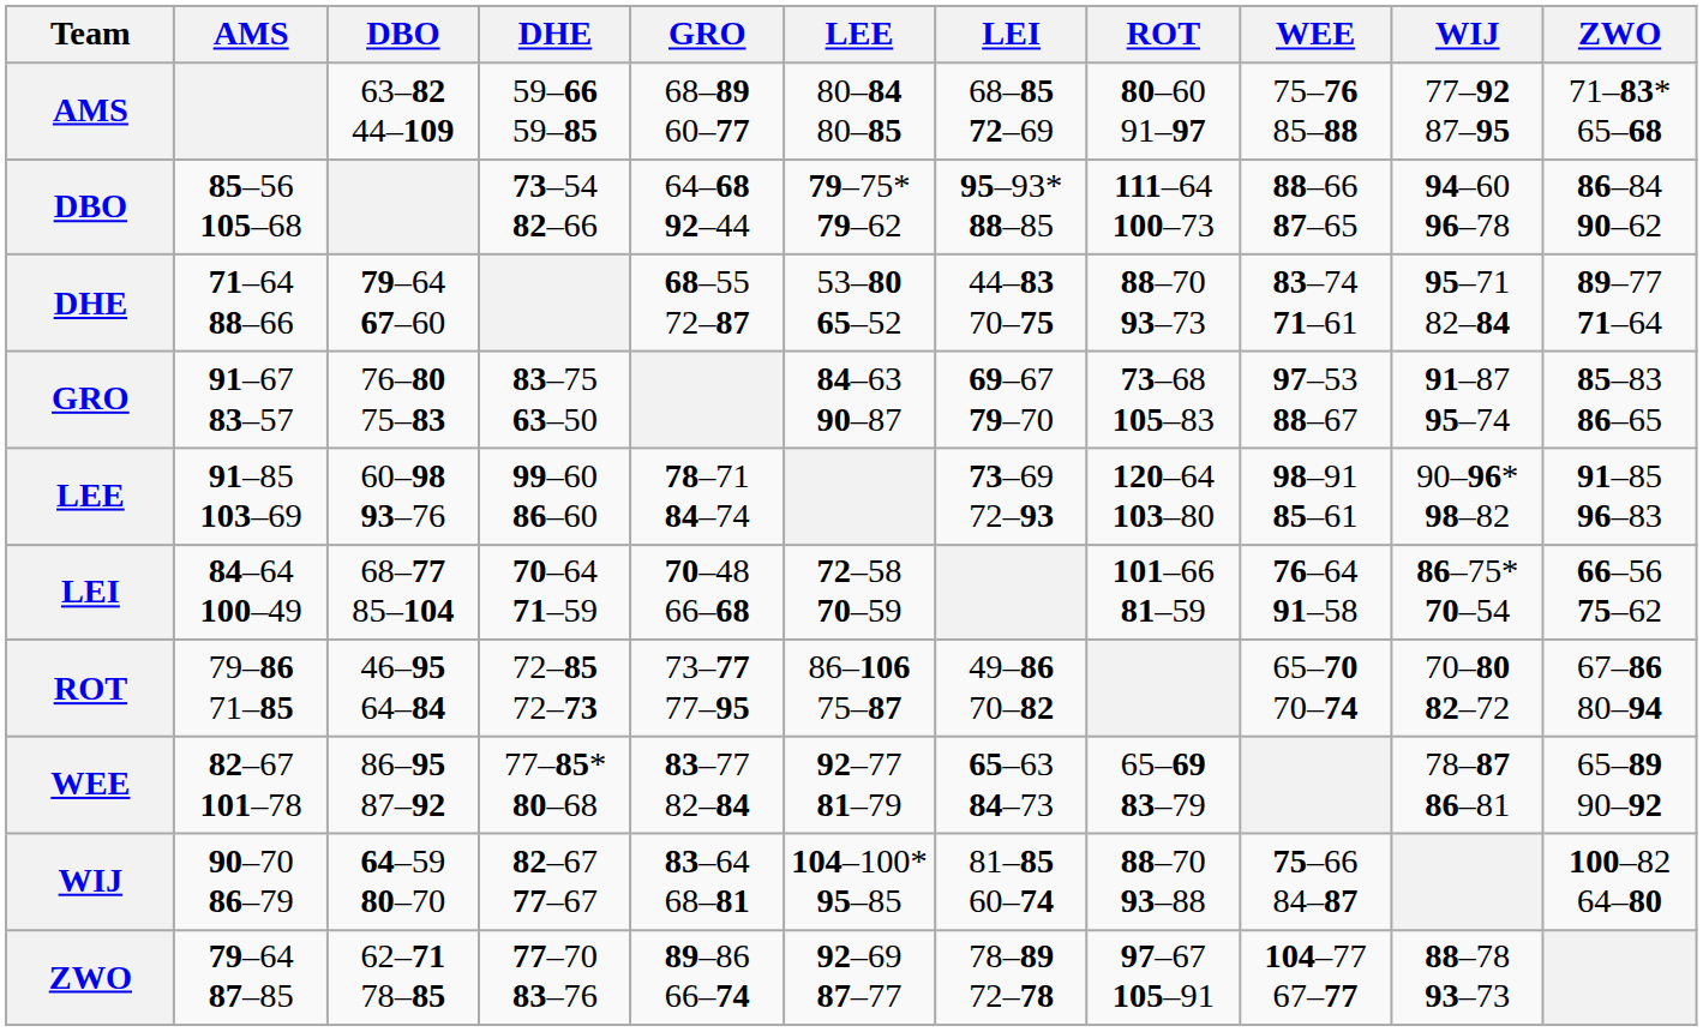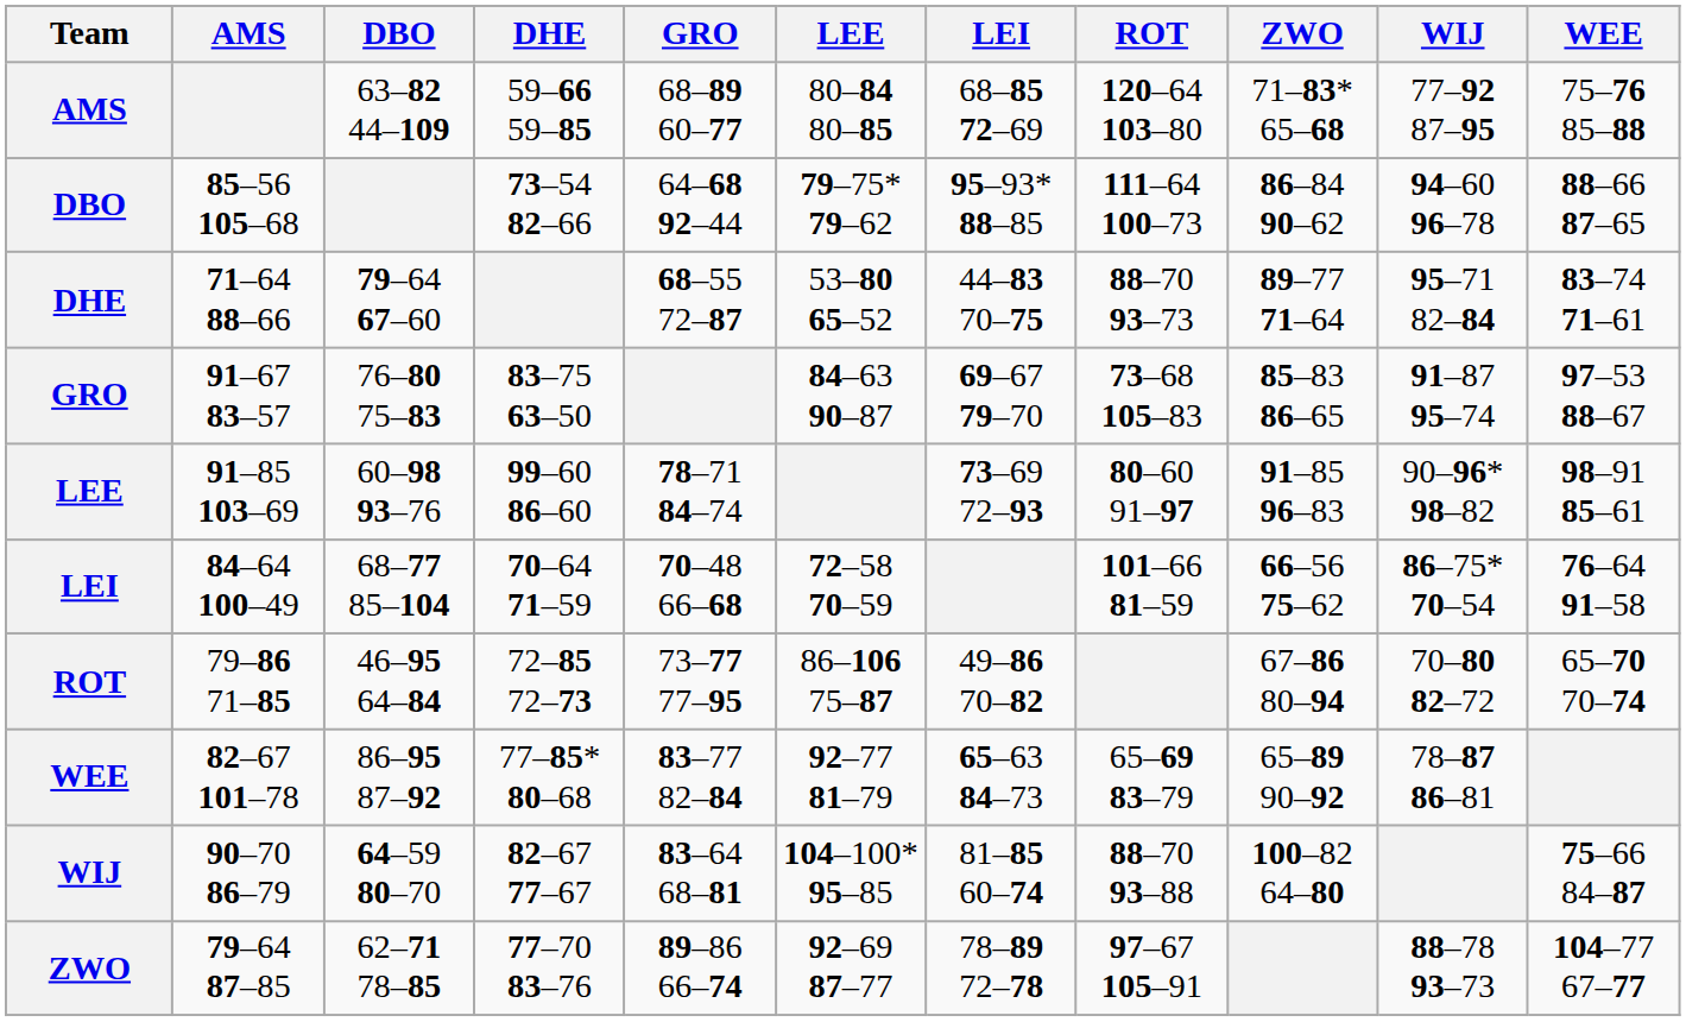 <table class="wikitable" style=" text-align:center; font-size:90%;">
 <tr>
 <th width=10%>Team</th>
 <th width=9%><a href='#'>AMS</a></th>
 <th width=9%><a href='#'>DBO</a></th>
 <th width=9%><a href='#'>DHE</a></th>
 <th width=9%><a href='#'>GRO</a></th>
 <th width=9%><a href='#'>LEE</a></th>
 <th width=9%><a href='#'>LEI</a></th>
 <th width=9%><a href='#'>ROT</a></th>
+<th width=9%><a href='#'>ZWO</a></th>
+<th width=9%><a href='#'>WIJ</a></th>
 <th width=9%><a href='#'>WEE</a></th>
-<th width=9%><a href='#'>WIJ</a></th>
-<th width=9%><a href='#'>ZWO</a></th>
 </tr>
 <tr>
 <th><a href='#'>AMS</a></th>
 <th></th>
 <td>63–<strong>82</strong><br>44–<strong>109</strong></td>
 <td>59–<strong>66</strong><br>59–<strong>85</strong></td>
 <td>68–<strong>89</strong><br>60–<strong>77</strong></td>
 <td>80–<strong>84</strong><br>80–<strong>85</strong></td>
 <td>68–<strong>85</strong><br><strong>72</strong>–69</td>
-<td><strong>80</strong>–60<br>91–<strong>97</strong></td>
+<td><strong>120</strong>–64<br><strong>103</strong>–80</td>
+<td>71–<strong>83</strong>*<br>65–<strong>68</strong></td>
+<td>77–<strong>92</strong><br>87–<strong>95</strong></td>
 <td>75–<strong>76</strong><br>85–<strong>88</strong></td>
-<td>77–<strong>92</strong><br>87–<strong>95</strong></td>
-<td>71–<strong>83</strong>*<br>65–<strong>68</strong></td>
 </tr>
 <tr>
 <th><a href='#'>DBO</a></th>
 <td><strong>85</strong>–56<br><strong>105</strong>–68</td>
 <th></th>
 <td><strong>73</strong>–54<br><strong>82</strong>–66</td>
 <td>64–<strong>68</strong><br><strong>92</strong>–44</td>
 <td><strong>79</strong>–75*<br><strong>79</strong>–62</td>
 <td><strong>95</strong>–93*<br><strong>88</strong>–85</td>
 <td><strong>111</strong>–64<br><strong>100</strong>–73</td>
+<td><strong>86</strong>–84<br><strong>90</strong>–62</td>
+<td><strong>94</strong>–60<br><strong>96</strong>–78</td>
 <td><strong>88</strong>–66<br><strong>87</strong>–65</td>
-<td><strong>94</strong>–60<br><strong>96</strong>–78</td>
-<td><strong>86</strong>–84<br><strong>90</strong>–62</td>
 </tr>
 <tr>
 <th><a href='#'>DHE</a></th>
 <td><strong>71</strong>–64<br><strong>88</strong>–66</td>
 <td><strong>79</strong>–64<br><strong>67</strong>–60</td>
 <th></th>
 <td><strong>68</strong>–55<br>72–<strong>87</strong></td>
 <td>53–<strong>80</strong><br><strong>65</strong>–52</td>
 <td>44–<strong>83</strong><br>70–<strong>75</strong></td>
 <td><strong>88</strong>–70<br><strong>93</strong>–73</td>
+<td><strong>89</strong>–77<br><strong>71</strong>–64</td>
+<td><strong>95</strong>–71<br>82–<strong>84</strong></td>
 <td><strong>83</strong>–74<br><strong>71</strong>–61</td>
-<td><strong>95</strong>–71<br>82–<strong>84</strong></td>
-<td><strong>89</strong>–77<br><strong>71</strong>–64</td>
 </tr>
 <tr>
 <th><a href='#'>GRO</a></th>
 <td><strong>91</strong>–67<br><strong>83</strong>–57</td>
 <td>76–<strong>80</strong><br>75–<strong>83</strong></td>
 <td><strong>83</strong>–75<br><strong>63</strong>–50</td>
 <th></th>
 <td><strong>84</strong>–63<br><strong>90</strong>–87</td>
 <td><strong>69</strong>–67<br><strong>79</strong>–70</td>
 <td><strong>73</strong>–68<br><strong>105</strong>–83</td>
+<td><strong>85</strong>–83<br><strong>86</strong>–65</td>
+<td><strong>91</strong>–87<br><strong>95</strong>–74</td>
 <td><strong>97</strong>–53<br><strong>88</strong>–67</td>
-<td><strong>91</strong>–87<br><strong>95</strong>–74</td>
-<td><strong>85</strong>–83<br><strong>86</strong>–65</td>
 </tr>
 <tr>
 <th><a href='#'>LEE</a></th>
 <td><strong>91</strong>–85<br><strong>103</strong>–69</td>
 <td>60–<strong>98</strong><br><strong>93</strong>–76</td>
 <td><strong>99</strong>–60<br><strong>86</strong>–60</td>
 <td><strong>78</strong>–71<br><strong>84</strong>–74</td>
 <th></th>
 <td><strong>73</strong>–69<br>72–<strong>93</strong></td>
-<td><strong>120</strong>–64<br><strong>103</strong>–80</td>
+<td><strong>80</strong>–60<br>91–<strong>97</strong></td>
+<td><strong>91</strong>–85<br><strong>96</strong>–83</td>
+<td>90–<strong>96</strong>*<br><strong>98</strong>–82</td>
 <td><strong>98</strong>–91<br><strong>85</strong>–61</td>
-<td>90–<strong>96</strong>*<br><strong>98</strong>–82</td>
-<td><strong>91</strong>–85<br><strong>96</strong>–83</td>
 </tr>
 <tr>
 <th><a href='#'>LEI</a></th>
 <td><strong>84</strong>–64<br><strong>100</strong>–49</td>
 <td>68–<strong>77</strong><br>85–<strong>104</strong></td>
 <td><strong>70</strong>–64<br><strong>71</strong>–59</td>
 <td><strong>70</strong>–48<br>66–<strong>68</strong></td>
 <td><strong>72</strong>–58<br><strong>70</strong>–59</td>
 <th></th>
 <td><strong>101</strong>–66<br><strong>81</strong>–59</td>
+<td><strong>66</strong>–56<br><strong>75</strong>–62</td>
+<td><strong>86</strong>–75*<br><strong>70</strong>–54</td>
 <td><strong>76</strong>–64<br><strong>91</strong>–58</td>
-<td><strong>86</strong>–75*<br><strong>70</strong>–54</td>
-<td><strong>66</strong>–56<br><strong>75</strong>–62</td>
 </tr>
 <tr>
 <th><a href='#'>ROT</a></th>
 <td>79–<strong>86</strong><br>71–<strong>85</strong></td>
 <td>46–<strong>95</strong><br>64–<strong>84</strong></td>
 <td>72–<strong>85</strong><br>72–<strong>73</strong></td>
 <td>73–<strong>77</strong><br>77–<strong>95</strong></td>
 <td>86–<strong>106</strong><br>75–<strong>87</strong></td>
 <td>49–<strong>86</strong><br>70–<strong>82</strong></td>
 <th></th>
+<td>67–<strong>86</strong><br>80–<strong>94</strong></td>
+<td>70–<strong>80</strong><br><strong>82</strong>–72</td>
 <td>65–<strong>70</strong><br>70–<strong>74</strong></td>
-<td>70–<strong>80</strong><br><strong>82</strong>–72</td>
-<td>67–<strong>86</strong><br>80–<strong>94</strong></td>
 </tr>
 <tr>
 <th><a href='#'>WEE</a></th>
 <td><strong>82</strong>–67<br><strong>101</strong>–78</td>
 <td>86–<strong>95</strong><br>87–<strong>92</strong></td>
 <td>77–<strong>85</strong>*<br><strong>80</strong>–68</td>
 <td><strong>83</strong>–77<br>82–<strong>84</strong></td>
 <td><strong>92</strong>–77<br><strong>81</strong>–79</td>
 <td><strong>65</strong>–63<br><strong>84</strong>–73</td>
 <td>65–<strong>69</strong><br><strong>83</strong>–79</td>
+<td>65–<strong>89</strong><br>90–<strong>92</strong></td>
+<td>78–<strong>87</strong><br><strong>86</strong>–81</td>
 <th></th>
-<td>78–<strong>87</strong><br><strong>86</strong>–81</td>
-<td>65–<strong>89</strong><br>90–<strong>92</strong></td>
 </tr>
 <tr>
 <th><a href='#'>WIJ</a></th>
 <td><strong>90</strong>–70<br><strong>86</strong>–79</td>
 <td><strong>64</strong>–59<br><strong>80</strong>–70</td>
 <td><strong>82</strong>–67<br><strong>77</strong>–67</td>
 <td><strong>83</strong>–64<br>68–<strong>81</strong></td>
 <td><strong>104</strong>–100*<br><strong>95</strong>–85</td>
 <td>81–<strong>85</strong><br>60–<strong>74</strong></td>
 <td><strong>88</strong>–70<br><strong>93</strong>–88</td>
+<td><strong>100</strong>–82<br>64–<strong>80</strong></td>
+<th></th>
 <td><strong>75</strong>–66<br>84–<strong>87</strong></td>
-<th></th>
-<td><strong>100</strong>–82<br>64–<strong>80</strong></td>
 </tr>
 <tr>
 <th><a href='#'>ZWO</a></th>
 <td><strong>79</strong>–64<br><strong>87</strong>–85</td>
 <td>62–<strong>71</strong><br>78–<strong>85</strong></td>
 <td><strong>77</strong>–70<br><strong>83</strong>–76</td>
 <td><strong>89</strong>–86<br>66–<strong>74</strong></td>
 <td><strong>92</strong>–69<br><strong>87</strong>–77</td>
 <td>78–<strong>89</strong><br>72–<strong>78</strong></td>
 <td><strong>97</strong>–67<br><strong>105</strong>–91</td>
+<th></th>
+<td><strong>88</strong>–78<br><strong>93</strong>–73</td>
 <td><strong>104</strong>–77<br>67–<strong>77</strong></td>
-<td><strong>88</strong>–78<br><strong>93</strong>–73</td>
-<th></th>
 </tr>
 </table>
